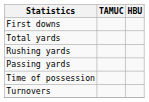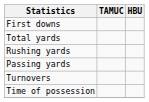 <table class="wikitable">
 <tr>
 <th>Statistics</th>
 <th>TAMUC</th>
 <th>HBU</th>
 </tr>
 <tr>
 <td>First downs</td>
 <td></td>
 <td></td>
 </tr>
 <tr>
 <td>Total yards</td>
 <td></td>
 <td></td>
 </tr>
 <tr>
 <td>Rushing yards</td>
 <td></td>
 <td></td>
 </tr>
 <tr>
 <td>Passing yards</td>
 <td></td>
 <td></td>
 </tr>
 <tr>
-<td>Time of possession</td>
+<td>Turnovers</td>
 <td></td>
 <td></td>
 </tr>
 <tr>
-<td>Turnovers</td>
+<td>Time of possession</td>
 <td></td>
 <td></td>
 </tr>
 <tr>
 </tr>
 </table>
